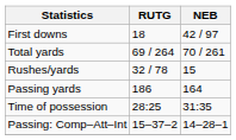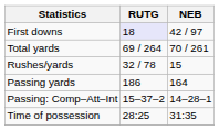 <table class="wikitable" style="float: left;">
 <tr>
 <th>Statistics</th>
 <th>RUTG</th>
 <th>NEB</th>
 </tr>
 <tr>
 <td>First downs</td>
-<td>18</td>
+<td style="background: lavender;">18</td>
 <td>42 / 97</td>
 </tr>
 <tr>
 <td>Total yards</td>
 <td>69 / 264</td>
 <td>70 / 261</td>
 </tr>
 <tr>
 <td>Rushes/yards</td>
 <td>32 / 78</td>
 <td>15</td>
 </tr>
 <tr>
 <td>Passing yards</td>
 <td>186</td>
 <td>164</td>
 </tr>
 <tr>
+<td>Passing: Comp–Att–Int</td>
+<td>15–37–2</td>
+<td>14–28–1</td>
+</tr>
+<tr>
 <td>Time of possession</td>
 <td>28:25</td>
 <td>31:35</td>
 </tr>
 <tr>
-<td>Passing: Comp–Att–Int</td>
-<td>15–37–2</td>
-<td>14–28–1</td>
-</tr>
-<tr>
 </tr>
 </table>
